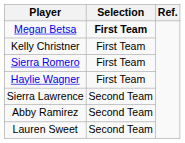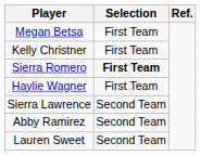 <table class="wikitable sortable sortable" style="text-align: center">
 <tr align=center>
 <th>Player</th>
 <th>Selection</th>
 <th>Ref.</th>
 </tr>
 <tr>
 <td><a href='#'>Megan Betsa</a></td>
-<td><strong>First Team</strong></td>
+<td>First Team</td>
 <td rowspan="7"></td>
 </tr>
 <tr>
 <td>Kelly Christner</td>
 <td>First Team</td>
 </tr>
 <tr>
 <td><a href='#'>Sierra Romero</a></td>
-<td>First Team</td>
+<td><strong>First Team</strong></td>
 </tr>
 <tr>
 <td><a href='#'>Haylie Wagner</a></td>
 <td>First Team</td>
 </tr>
 <tr>
 <td>Sierra Lawrence</td>
 <td>Second Team</td>
 </tr>
 <tr>
 <td>Abby Ramirez</td>
 <td>Second Team</td>
 </tr>
 <tr>
 <td>Lauren Sweet</td>
 <td>Second Team</td>
 </tr>
 </table>
